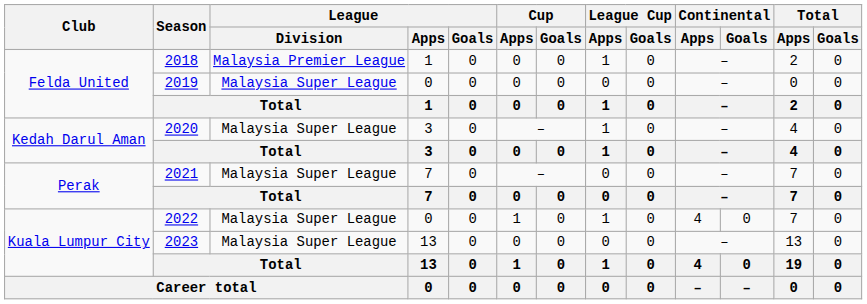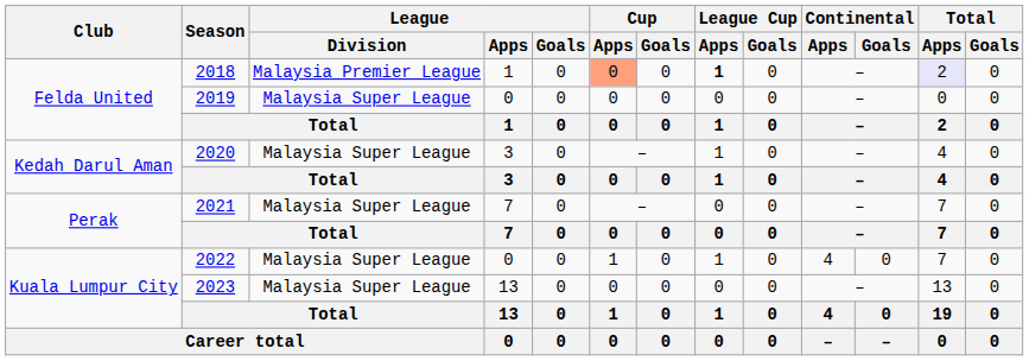 <table class=wikitable style="text-align:center">
 <tr>
 <th rowspan=2>Club</th>
 <th rowspan=2>Season</th>
 <th colspan=3>League</th>
 <th colspan=2>Cup</th>
 <th colspan=2>League Cup</th>
 <th colspan=2>Continental</th>
 <th colspan=2>Total</th>
 </tr>
 <tr>
 <th>Division</th>
 <th>Apps</th>
 <th>Goals</th>
 <th>Apps</th>
 <th>Goals</th>
 <th>Apps</th>
 <th>Goals</th>
 <th>Apps</th>
 <th>Goals</th>
 <th>Apps</th>
 <th>Goals</th>
 </tr>
 <tr>
 <td rowspan=3><a href='#'>Felda United</a></td>
 <td><a href='#'>2018</a></td>
 <td><a href='#'>Malaysia Premier League</a></td>
 <td>1</td>
 <td>0</td>
+<td style="background: lightsalmon;">0</td>
 <td>0</td>
-<td>0</td>
-<td>1</td>
+<td><strong>1</strong></td>
 <td>0</td>
 <td colspan=2>–</td>
-<td>2</td>
+<td style="background: lavender;">2</td>
 <td>0</td>
 </tr>
 <tr>
 <td><a href='#'>2019</a></td>
 <td><a href='#'>Malaysia Super League</a></td>
 <td>0</td>
 <td>0</td>
 <td>0</td>
 <td>0</td>
 <td>0</td>
 <td>0</td>
 <td colspan=2>–</td>
 <td>0</td>
 <td>0</td>
 </tr>
 <tr>
 <th colspan="2">Total</th>
 <th>1</th>
 <th>0</th>
 <th>0</th>
 <th>0</th>
 <th>1</th>
 <th>0</th>
 <th colspan=2>–</th>
 <th>2</th>
 <th>0</th>
 </tr>
 <tr>
 <td rowspan=2><a href='#'>Kedah Darul Aman</a></td>
 <td><a href='#'>2020</a></td>
 <td>Malaysia Super League</td>
 <td>3</td>
 <td>0</td>
 <td colspan=2>–</td>
 <td>1</td>
 <td>0</td>
 <td colspan=2>–</td>
 <td>4</td>
 <td>0</td>
 </tr>
 <tr>
 <th colspan="2">Total</th>
 <th>3</th>
 <th>0</th>
 <th>0</th>
 <th>0</th>
 <th>1</th>
 <th>0</th>
 <th colspan=2>–</th>
 <th>4</th>
 <th>0</th>
 </tr>
 <tr>
 <td rowspan=2><a href='#'>Perak</a></td>
 <td><a href='#'>2021</a></td>
 <td>Malaysia Super League</td>
 <td>7</td>
 <td>0</td>
 <td colspan=2>–</td>
 <td>0</td>
 <td>0</td>
 <td colspan=2>–</td>
 <td>7</td>
 <td>0</td>
 </tr>
 <tr>
 <th colspan="2">Total</th>
 <th>7</th>
 <th>0</th>
 <th>0</th>
 <th>0</th>
 <th>0</th>
 <th>0</th>
 <th colspan=2>–</th>
 <th>7</th>
 <th>0</th>
 </tr>
 <tr>
 <td rowspan=3><a href='#'>Kuala Lumpur City</a></td>
 <td><a href='#'>2022</a></td>
 <td>Malaysia Super League</td>
 <td>0</td>
 <td>0</td>
 <td>1</td>
 <td>0</td>
 <td>1</td>
 <td>0</td>
 <td>4</td>
 <td>0</td>
 <td>7</td>
 <td>0</td>
 </tr>
 <tr>
 <td><a href='#'>2023</a></td>
 <td>Malaysia Super League</td>
 <td>13</td>
 <td>0</td>
 <td>0</td>
 <td>0</td>
 <td>0</td>
 <td>0</td>
 <td colspan=2>–</td>
 <td>13</td>
 <td>0</td>
 </tr>
 <tr>
 <th colspan="2">Total</th>
 <th>13</th>
 <th>0</th>
 <th>1</th>
 <th>0</th>
 <th>1</th>
 <th>0</th>
 <th>4</th>
 <th>0</th>
 <th>19</th>
 <th>0</th>
 </tr>
 <tr>
 <th colspan="3">Career total</th>
 <th>0</th>
 <th>0</th>
 <th>0</th>
 <th>0</th>
 <th>0</th>
 <th>0</th>
 <th>–</th>
 <th>–</th>
 <th>0</th>
 <th>0</th>
 </tr>
 </table>
